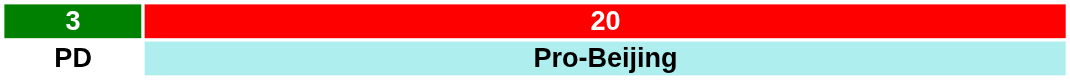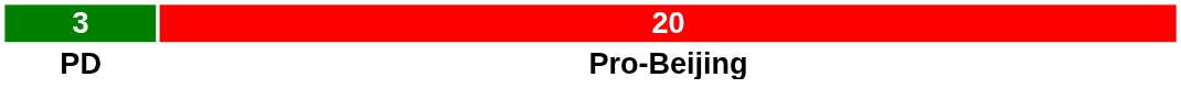 <table style="width:50%; text-align:center;">
 <tr style="color:white;">
 <td style="background:green; width:13%;"><strong>3</strong></td>
 <td style="background:red; width:87%;"><strong>20</strong></td>
 </tr>
 <tr>
 <td><span><strong>PD</strong></span></td>
-<td style="background: paleturquoise;"><span><strong>Pro-Beijing</strong></span></td>
+<td><span><strong>Pro-Beijing</strong></span></td>
 </tr>
 </table>
